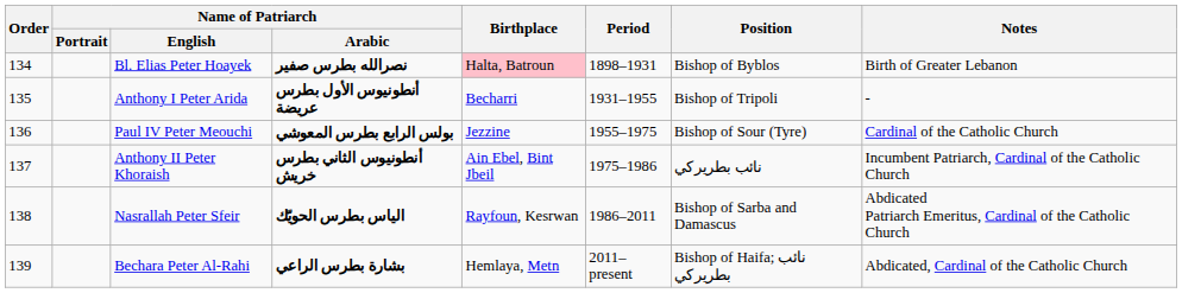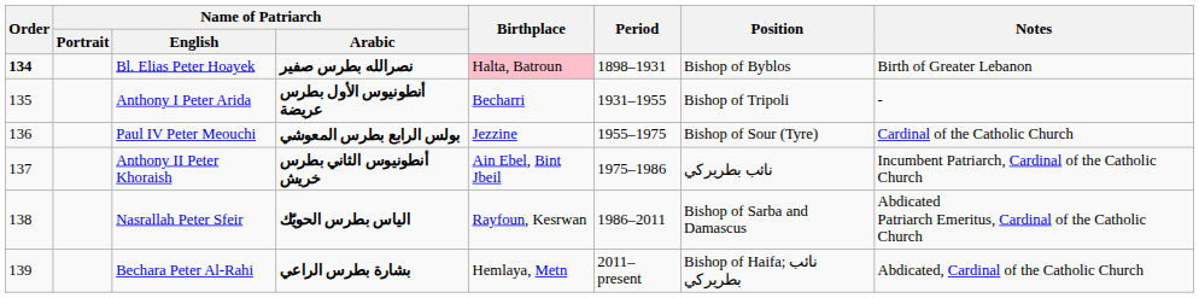 <table class="wikitable" border="10">
 <tr>
 <th rowspan=2>Order</th>
 <th colspan="3">Name of Patriarch</th>
 <th rowspan=2>Birthplace</th>
 <th rowspan=2>Period</th>
 <th rowspan=2>Position</th>
 <th rowspan=2>Notes</th>
 </tr>
 <tr>
 <th>Portrait</th>
 <th>English</th>
 <th>Arabic</th>
 </tr>
 <tr>
-<td>134</td>
+<td><strong>134</strong></td>
 <td></td>
 <td><a href='#'>Bl. Elias Peter Hoayek</a></td>
 <td><strong>نصرالله بطرس صفير</strong></td>
 <td style="background: pink;">Halta, Batroun</td>
 <td>1898–1931</td>
 <td>Bishop of Byblos</td>
 <td>Birth of Greater Lebanon</td>
 </tr>
 <tr>
 <td>135</td>
 <td></td>
 <td><a href='#'>Anthony I Peter Arida</a></td>
 <td><strong>أنطونيوس الأول بطرس عريضة</strong></td>
 <td><a href='#'>Becharri</a></td>
 <td>1931–1955</td>
 <td>Bishop of Tripoli</td>
 <td>-</td>
 </tr>
 <tr>
 <td>136</td>
 <td></td>
 <td><a href='#'>Paul IV Peter Meouchi</a></td>
 <td><strong>بولس الرابع بطرس المعوشي</strong></td>
 <td><a href='#'>Jezzine</a></td>
 <td>1955–1975</td>
 <td>Bishop of Sour (Tyre)</td>
 <td><a href='#'>Cardinal</a> of the Catholic Church</td>
 </tr>
 <tr>
 <td>137</td>
 <td></td>
 <td><a href='#'>Anthony II Peter Khoraish</a></td>
 <td><strong>أنطونيوس الثاني بطرس خريش</strong></td>
 <td><a href='#'>Ain Ebel</a>, <a href='#'>Bint Jbeil</a></td>
 <td>1975–1986</td>
 <td>نائب بطريركي</td>
 <td>Incumbent Patriarch, <a href='#'>Cardinal</a> of the Catholic Church</td>
 </tr>
 <tr>
 <td>138</td>
 <td></td>
 <td><a href='#'>Nasrallah Peter Sfeir</a></td>
 <td><strong>الياس بطرس الحويّك</strong></td>
 <td><a href='#'>Rayfoun</a>, Kesrwan</td>
 <td>1986–2011</td>
 <td>Bishop of Sarba and Damascus</td>
 <td>Abdicated<br>Patriarch Emeritus,  <a href='#'>Cardinal</a> of the Catholic Church</td>
 </tr>
 <tr>
 <td>139</td>
 <td></td>
 <td><a href='#'>Bechara Peter Al-Rahi</a></td>
 <td><strong>بشارة بطرس الراعي</strong></td>
 <td>Hemlaya, <a href='#'>Metn</a></td>
 <td>2011–present</td>
 <td>Bishop of Haifa; نائب بطريركي</td>
 <td>Abdicated, <a href='#'>Cardinal</a> of the Catholic Church</td>
 </tr>
 </table>
